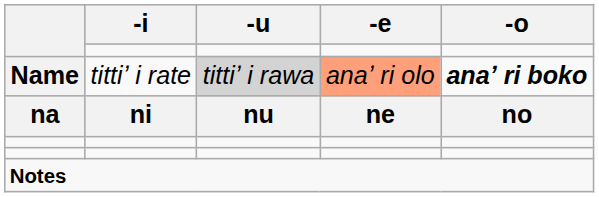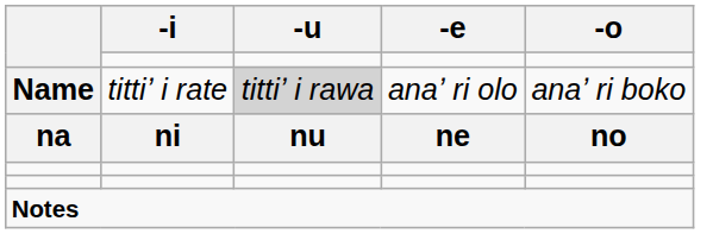 <table class="wikitable">
 <tr>
 <th rowspan="2"></th>
 <th>-i</th>
 <th>-u</th>
 <th>-e</th>
 <th>-o</th>
 </tr>
 <tr>
 <td></td>
 <td></td>
 <td></td>
 <td></td>
 </tr>
 <tr>
 <th style="text-align: center">Name</th>
 <td style="text-align: center"><em>tittiʼ i rate</em><br></td>
 <td style="background: lightgrey; text-align: center"><em>tittiʼ i rawa</em><br></td>
-<td style="background: lightsalmon; text-align: center"><em>anaʼ ri olo</em><br></td>
-<td style="text-align: center"><strong><em>anaʼ ri boko</em><br></strong></td>
+<td style="text-align: center"><em>anaʼ ri olo</em><br></td>
+<td style="text-align: center"><em>anaʼ ri boko</em><br></td>
 </tr>
 <tr>
 <th style="text-align: center">na</th>
 <th>ni</th>
 <th>nu</th>
 <th>ne</th>
 <th>no</th>
 </tr>
 <tr>
 <td style="text-align: center"></td>
 <td></td>
 <td></td>
 <td></td>
 <td></td>
 </tr>
 <tr>
 <td style="text-align: center"></td>
 <td style="text-align: center"></td>
 <td style="text-align: center"></td>
 <td style="text-align: center"></td>
 <td style="text-align: center"></td>
 </tr>
 <tr>
 <td colspan="6" style="background:#F8F8F8;font-size:small;text-align:left"><strong>Notes</strong><br></td>
 </tr>
 </table>
